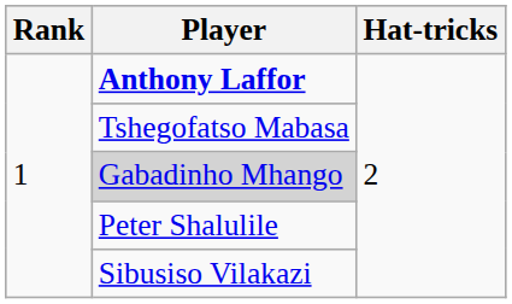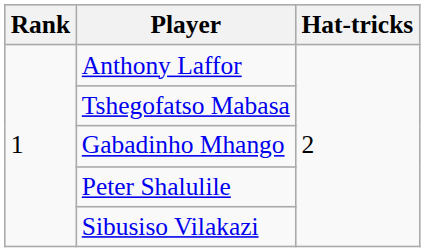 <table class="wikitable plainrowheaders" style="text-align:left">
 <tr>
 <th scope="col">Rank</th>
 <th scope="col">Player</th>
 <th scope="col">Hat-tricks</th>
 </tr>
 <tr>
 <td rowspan=5>1</td>
-<td !scope="row"><strong> <a href='#'>Anthony Laffor</a></strong></td>
+<td !scope="row"> <a href='#'>Anthony Laffor</a></td>
 <td rowspan=5>2</td>
 </tr>
 <tr>
 <td !scope="row"> <a href='#'>Tshegofatso Mabasa</a></td>
 </tr>
 <tr>
-<td !scope="row" style="background: lightgrey;"> <a href='#'>Gabadinho Mhango</a></td>
+<td !scope="row"> <a href='#'>Gabadinho Mhango</a></td>
 </tr>
 <tr>
 <td !scope="row"> <a href='#'>Peter Shalulile</a></td>
 </tr>
 <tr>
 <td !scope="row"> <a href='#'>Sibusiso Vilakazi</a></td>
 </tr>
 </table>
